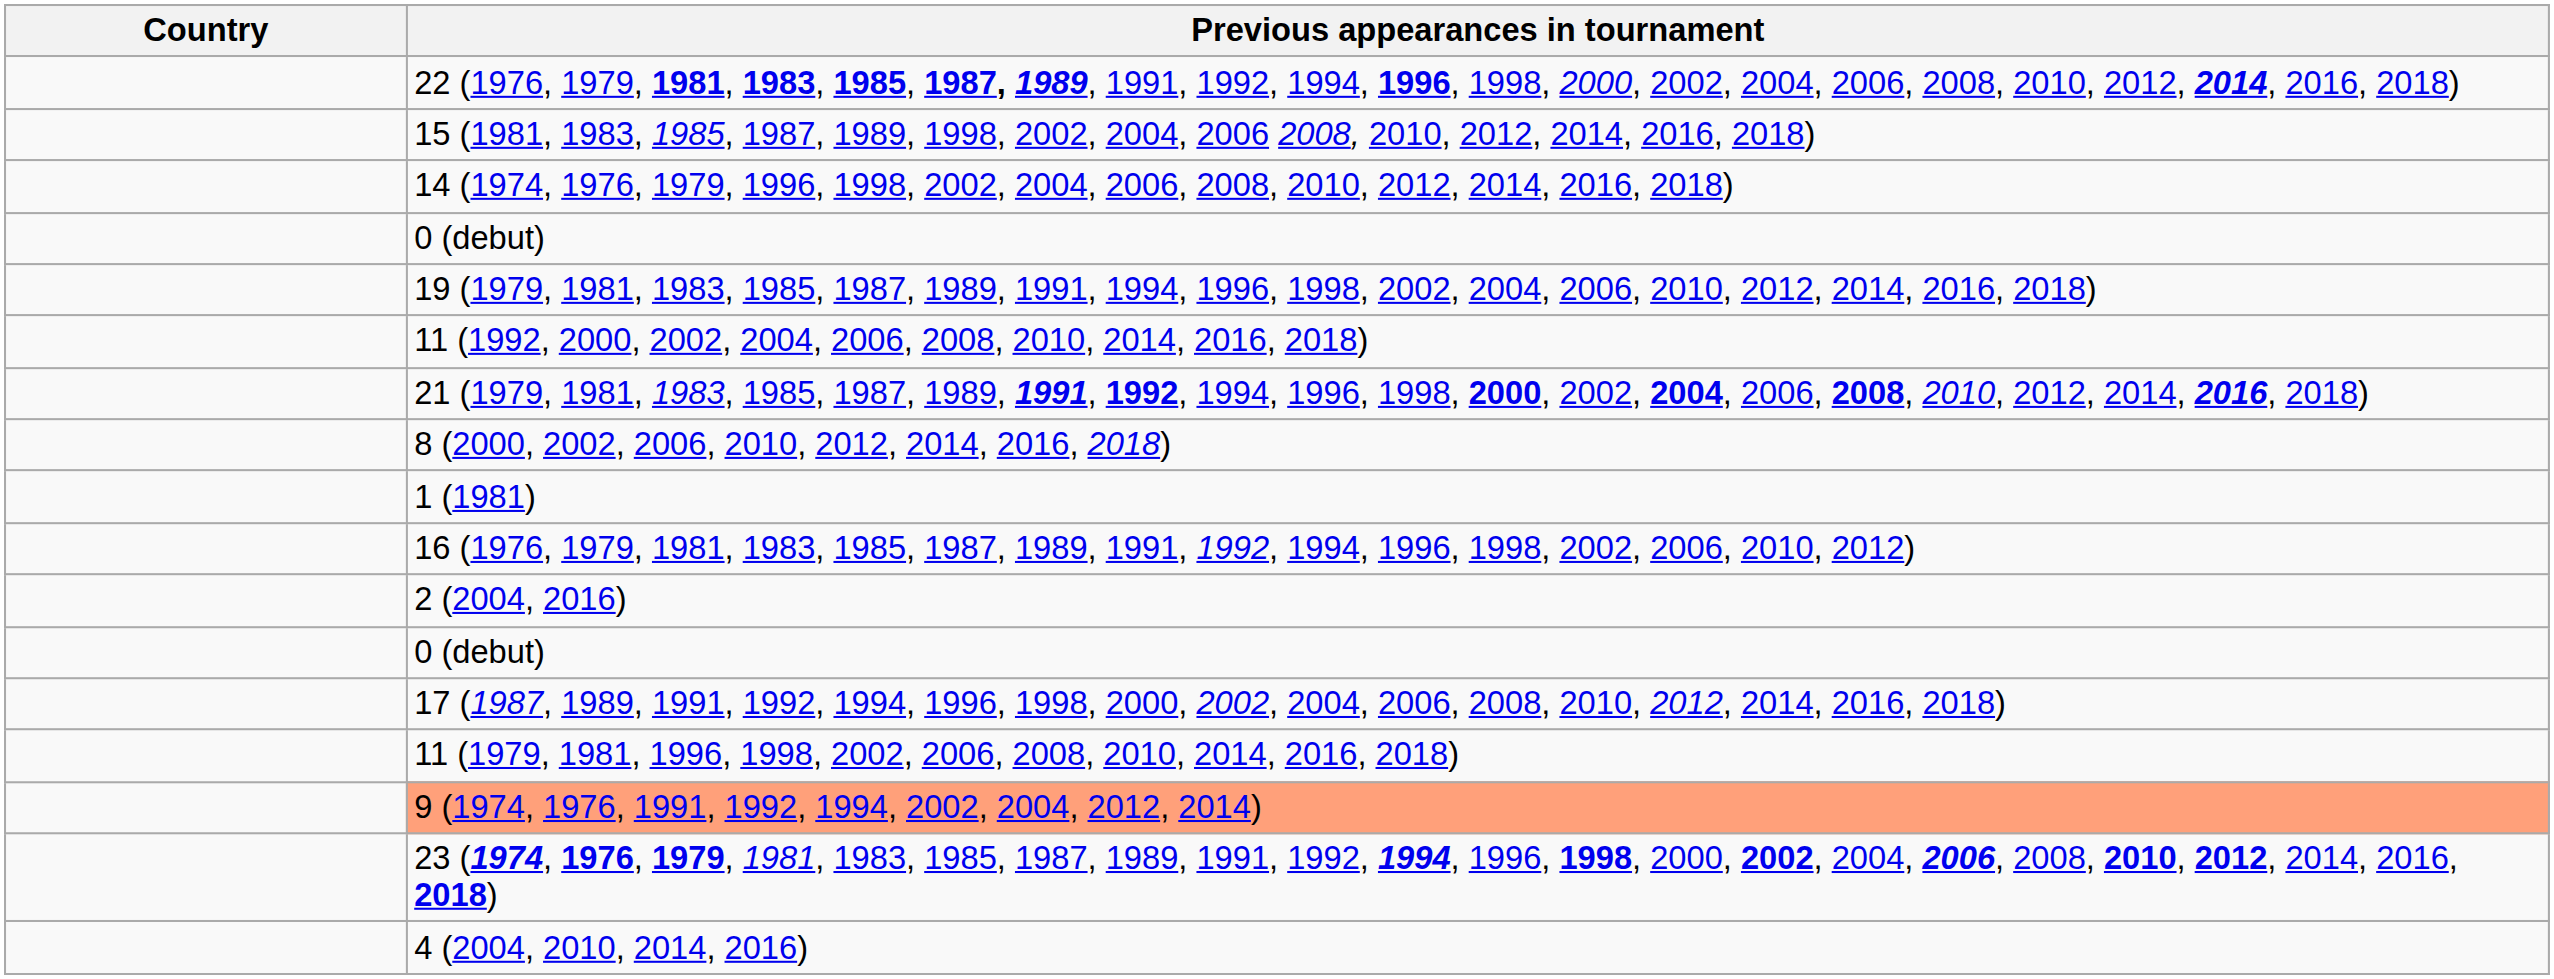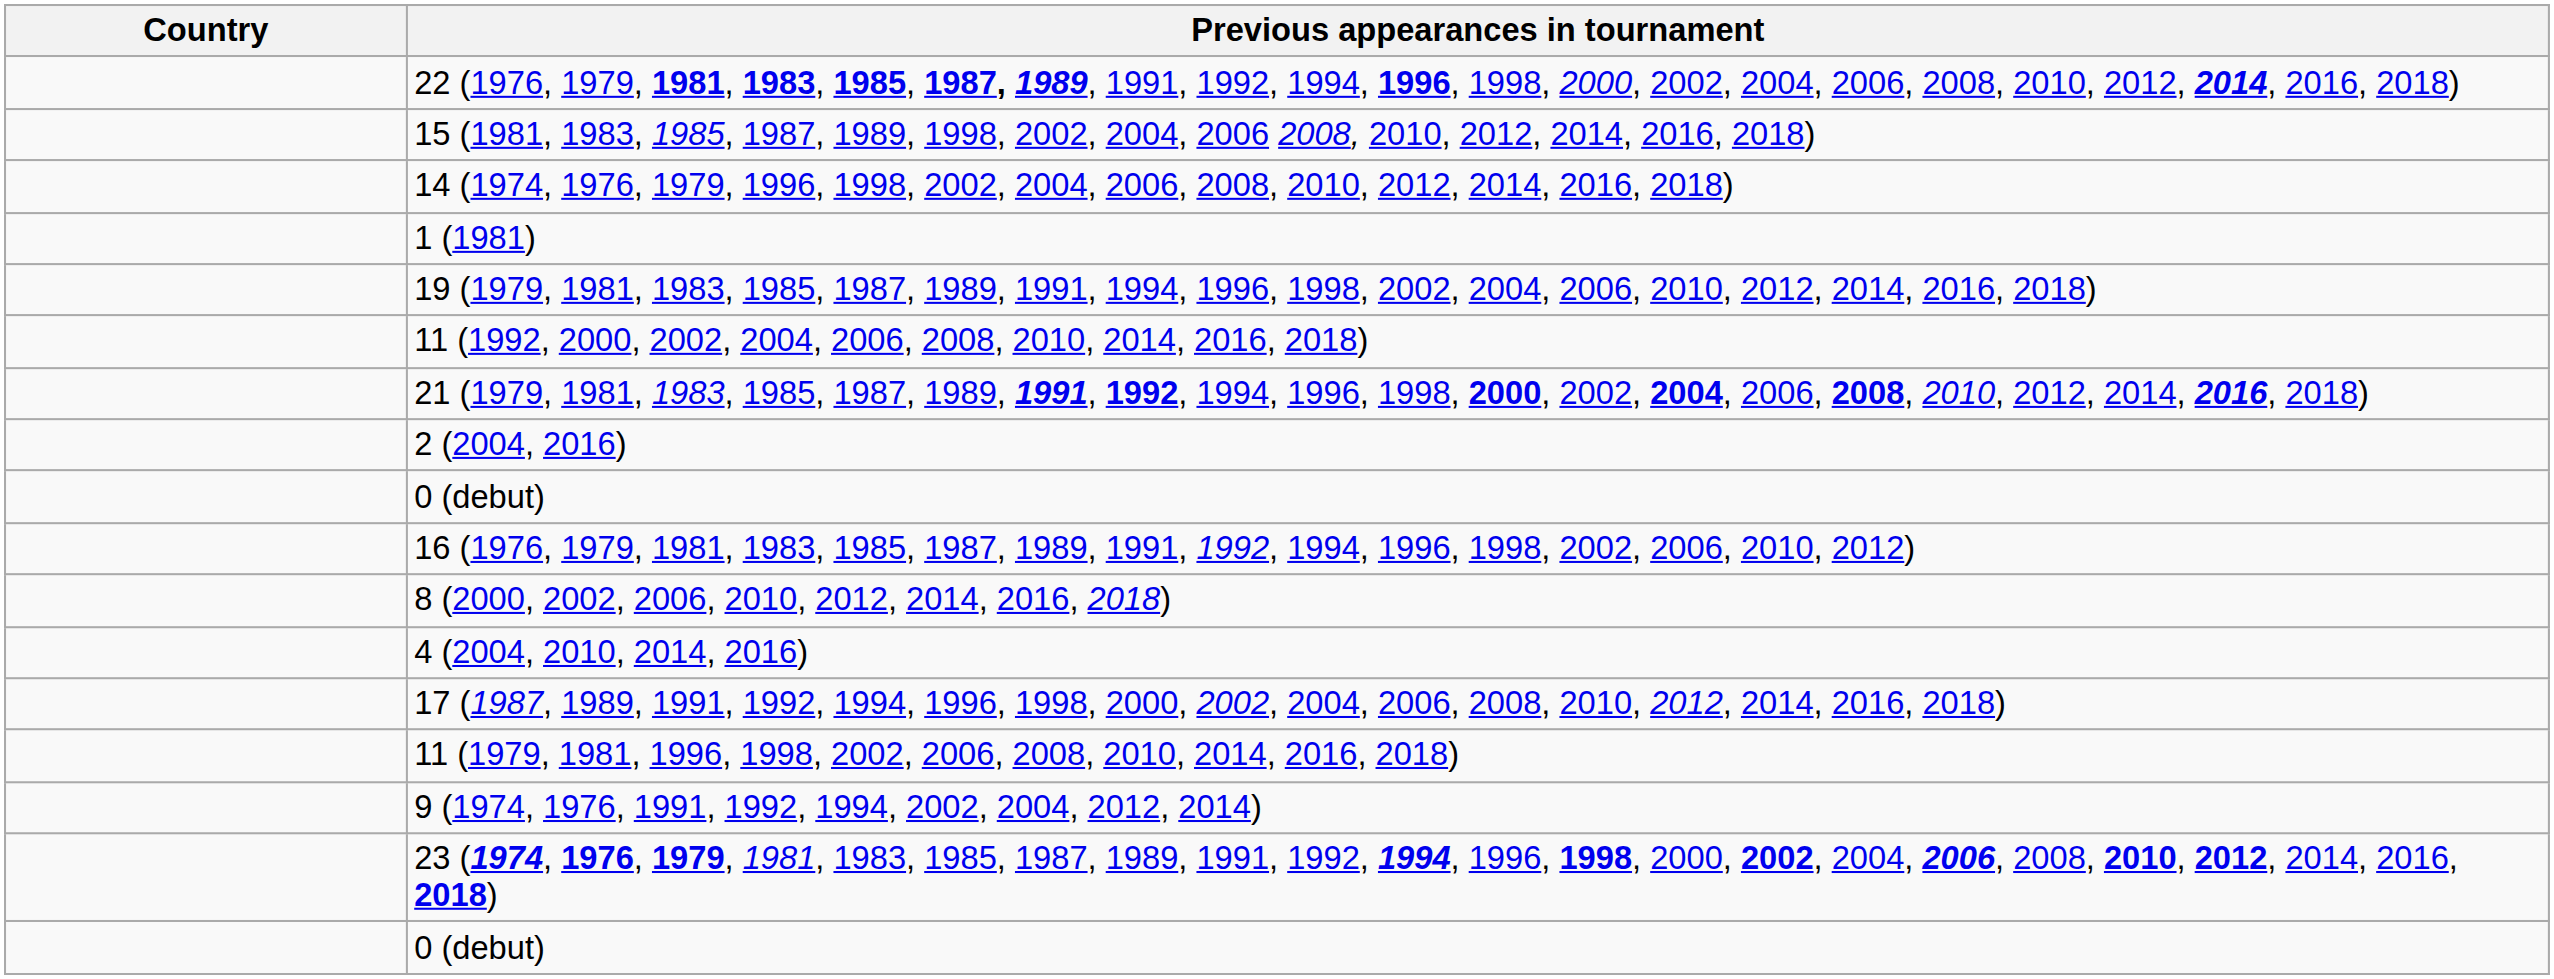 <table class="wikitable sortable">
 <tr>
 <th width=15%>Country</th>
 <th width=80%>Previous appearances in tournament</th>
 </tr>
 <tr>
 <td></td>
 <td>22 (<a href='#'>1976</a>, <a href='#'>1979</a>, <strong><a href='#'>1981</a></strong>, <strong><a href='#'>1983</a></strong>, <strong><a href='#'>1985</a></strong>, <strong><a href='#'>1987</a>,</strong> <strong><em><a href='#'>1989</a></em></strong>, <a href='#'>1991</a>, <a href='#'>1992</a>, <a href='#'>1994</a>, <strong><a href='#'>1996</a></strong>, <a href='#'>1998</a>, <em><a href='#'>2000</a></em>, <a href='#'>2002</a>, <a href='#'>2004</a>, <a href='#'>2006</a>, <a href='#'>2008</a>, <a href='#'>2010</a>, <a href='#'>2012</a>, <strong><em><a href='#'>2014</a></em></strong>, <a href='#'>2016</a>, <a href='#'>2018</a>)</td>
 </tr>
 <tr>
 <td></td>
 <td>15 (<a href='#'>1981</a>, <a href='#'>1983</a>, <em><a href='#'>1985</a></em>, <a href='#'>1987</a>, <a href='#'>1989</a>, <a href='#'>1998</a>, <a href='#'>2002</a>, <a href='#'>2004</a>, <a href='#'>2006</a> <em><a href='#'>2008</a>,</em> <a href='#'>2010</a>, <a href='#'>2012</a>, <a href='#'>2014</a>, <a href='#'>2016</a>, <a href='#'>2018</a>)</td>
 </tr>
 <tr>
 <td></td>
 <td>14 (<a href='#'>1974</a>, <a href='#'>1976</a>, <a href='#'>1979</a>, <a href='#'>1996</a>, <a href='#'>1998</a>, <a href='#'>2002</a>, <a href='#'>2004</a>, <a href='#'>2006</a>, <a href='#'>2008</a>, <a href='#'>2010</a>, <a href='#'>2012</a>, <a href='#'>2014</a>, <a href='#'>2016</a>, <a href='#'>2018</a>)</td>
 </tr>
 <tr>
 <td></td>
-<td>0 (debut)</td>
+<td>1 (<a href='#'>1981</a>)</td>
 </tr>
 <tr>
 <td></td>
 <td>19 (<a href='#'>1979</a>, <a href='#'>1981</a>, <a href='#'>1983</a>, <a href='#'>1985</a>, <a href='#'>1987</a>, <a href='#'>1989</a>, <a href='#'>1991</a>, <a href='#'>1994</a>, <a href='#'>1996</a>, <a href='#'>1998</a>, <a href='#'>2002</a>, <a href='#'>2004</a>, <a href='#'>2006</a>, <a href='#'>2010</a>, <a href='#'>2012</a>, <a href='#'>2014</a>, <a href='#'>2016</a>, <a href='#'>2018</a>)</td>
 </tr>
 <tr>
 <td></td>
 <td>11 (<a href='#'>1992</a>, <a href='#'>2000</a>, <a href='#'>2002</a>, <a href='#'>2004</a>, <a href='#'>2006</a>, <a href='#'>2008</a>, <a href='#'>2010</a>, <a href='#'>2014</a>, <a href='#'>2016</a>, <a href='#'>2018</a>)</td>
 </tr>
 <tr>
 <td></td>
 <td>21 (<a href='#'>1979</a>, <a href='#'>1981</a>, <em><a href='#'>1983</a></em>, <a href='#'>1985</a>, <a href='#'>1987</a>, <a href='#'>1989</a>, <strong><em><a href='#'>1991</a></em></strong>, <strong><a href='#'>1992</a></strong>, <a href='#'>1994</a>, <a href='#'>1996</a>, <a href='#'>1998</a>, <strong><a href='#'>2000</a></strong>, <a href='#'>2002</a>, <strong><a href='#'>2004</a></strong>, <a href='#'>2006</a>, <strong><a href='#'>2008</a></strong>, <em><a href='#'>2010</a></em>, <a href='#'>2012</a>, <a href='#'>2014</a>, <strong><em><a href='#'>2016</a></em></strong>, <a href='#'>2018</a>)</td>
 </tr>
 <tr>
 <td></td>
-<td>8 (<a href='#'>2000</a>, <a href='#'>2002</a>, <a href='#'>2006</a>, <a href='#'>2010</a>, <a href='#'>2012</a>, <a href='#'>2014</a>, <a href='#'>2016</a>, <em><a href='#'>2018</a></em>)</td>
+<td>2 (<a href='#'>2004</a>, <a href='#'>2016</a>)</td>
 </tr>
 <tr>
 <td></td>
-<td>1 (<a href='#'>1981</a>)</td>
+<td>0 (debut)</td>
 </tr>
 <tr>
 <td></td>
 <td>16 (<a href='#'>1976</a>, <a href='#'>1979</a>, <a href='#'>1981</a>, <a href='#'>1983</a>, <a href='#'>1985</a>, <a href='#'>1987</a>, <a href='#'>1989</a>, <a href='#'>1991</a>, <em><a href='#'>1992</a></em>, <a href='#'>1994</a>, <a href='#'>1996</a>, <a href='#'>1998</a>, <a href='#'>2002</a>, <a href='#'>2006</a>, <a href='#'>2010</a>, <a href='#'>2012</a>)</td>
 </tr>
 <tr>
 <td></td>
-<td>2 (<a href='#'>2004</a>, <a href='#'>2016</a>)</td>
+<td>8 (<a href='#'>2000</a>, <a href='#'>2002</a>, <a href='#'>2006</a>, <a href='#'>2010</a>, <a href='#'>2012</a>, <a href='#'>2014</a>, <a href='#'>2016</a>, <em><a href='#'>2018</a></em>)</td>
 </tr>
 <tr>
 <td></td>
-<td>0 (debut)</td>
+<td>4 (<a href='#'>2004</a>, <a href='#'>2010</a>, <a href='#'>2014</a>, <a href='#'>2016</a>)</td>
 </tr>
 <tr>
 <td></td>
 <td>17 (<em><a href='#'>1987</a></em>, <a href='#'>1989</a>, <a href='#'>1991</a>, <a href='#'>1992</a>, <a href='#'>1994</a>, <a href='#'>1996</a>, <a href='#'>1998</a>, <a href='#'>2000</a>, <em><a href='#'>2002</a></em>, <a href='#'>2004</a>, <a href='#'>2006</a>, <a href='#'>2008</a>, <a href='#'>2010</a>, <em><a href='#'>2012</a></em>, <a href='#'>2014</a>, <a href='#'>2016</a>, <a href='#'>2018</a>)</td>
 </tr>
 <tr>
 <td></td>
 <td>11 (<a href='#'>1979</a>, <a href='#'>1981</a>, <a href='#'>1996</a>, <a href='#'>1998</a>, <a href='#'>2002</a>, <a href='#'>2006</a>, <a href='#'>2008</a>, <a href='#'>2010</a>, <a href='#'>2014</a>, <a href='#'>2016</a>, <a href='#'>2018</a>)</td>
 </tr>
 <tr>
 <td><s></s></td>
-<td style="background: lightsalmon;">9 (<a href='#'>1974</a>, <a href='#'>1976</a>, <a href='#'>1991</a>, <a href='#'>1992</a>, <a href='#'>1994</a>, <a href='#'>2002</a>, <a href='#'>2004</a>, <a href='#'>2012</a>, <a href='#'>2014</a>)</td>
+<td>9 (<a href='#'>1974</a>, <a href='#'>1976</a>, <a href='#'>1991</a>, <a href='#'>1992</a>, <a href='#'>1994</a>, <a href='#'>2002</a>, <a href='#'>2004</a>, <a href='#'>2012</a>, <a href='#'>2014</a>)</td>
 </tr>
 <tr>
 <td></td>
 <td>23 (<strong><em><a href='#'>1974</a></em></strong>, <strong><a href='#'>1976</a></strong>, <strong><a href='#'>1979</a></strong>, <em><a href='#'>1981</a></em>, <a href='#'>1983</a>, <a href='#'>1985</a>, <a href='#'>1987</a>, <a href='#'>1989</a>, <a href='#'>1991</a>, <a href='#'>1992</a>, <strong><em><a href='#'>1994</a></em></strong>, <a href='#'>1996</a>, <strong><a href='#'>1998</a></strong>, <a href='#'>2000</a>, <strong><a href='#'>2002</a></strong>, <a href='#'>2004</a>, <strong><em><a href='#'>2006</a></em></strong>, <a href='#'>2008</a>, <strong><a href='#'>2010</a></strong>, <strong><a href='#'>2012</a></strong>, <a href='#'>2014</a>, <a href='#'>2016</a>, <strong><a href='#'>2018</a></strong>)</td>
 </tr>
 <tr>
 <td></td>
-<td>4 (<a href='#'>2004</a>, <a href='#'>2010</a>, <a href='#'>2014</a>, <a href='#'>2016</a>)</td>
+<td>0 (debut)</td>
 </tr>
 </table>
